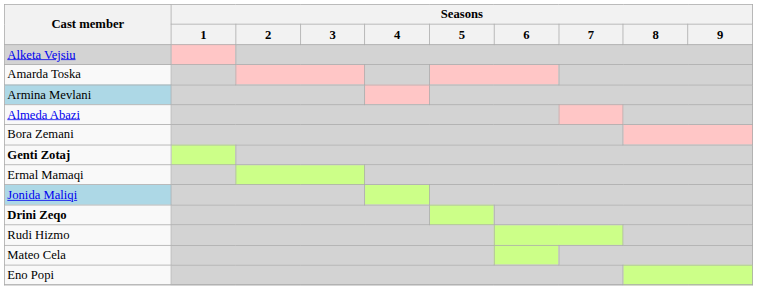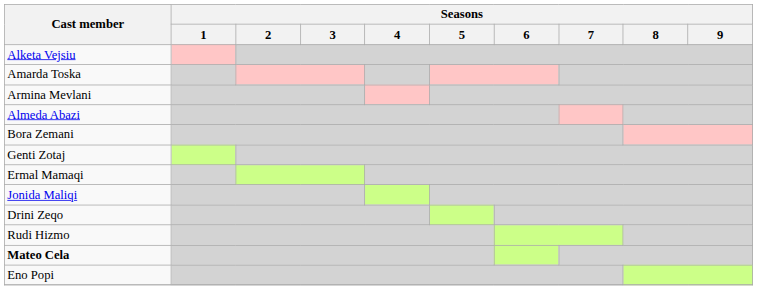 <table class="wikitable" width="75% font-size:100%">
 <tr>
 <th rowspan="2" width="115">Cast member</th>
 <th colspan="9" style="text-align:center">Seasons</th>
 </tr>
 <tr>
 <th width="40">1</th>
 <th width="40">2</th>
 <th width="40">3</th>
 <th width="40">4</th>
 <th width="40">5</th>
 <th width="40">6</th>
 <th width="40">7</th>
 <th width="40">8</th>
 <th width="40">9</th>
 </tr>
 <tr>
-<td style="background: lightgrey;"><a href='#'>Alketa Vejsiu</a></td>
+<td><a href='#'>Alketa Vejsiu</a></td>
 <td style="background:#ffc6c6"></td>
 <td colspan="8" style="background:lightgrey"></td>
 </tr>
 <tr>
 <td>Amarda Toska</td>
 <td style="background:lightgrey"></td>
 <td colspan="2" style="background:#ffc6c6"></td>
 <td style="background:lightgrey"></td>
 <td colspan="2" style="background:#ffc6c6"></td>
 <td colspan="3" style="background:lightgrey"></td>
 </tr>
 <tr>
-<td style="background: lightblue;">Armina Mevlani</td>
+<td>Armina Mevlani</td>
 <td colspan="3" style="background:lightgrey"></td>
 <td style="background:#ffc6c6"></td>
 <td colspan="5" style="background:lightgrey"></td>
 </tr>
 <tr>
 <td><a href='#'>Almeda Abazi</a></td>
 <td colspan="6" style="background:lightgrey"></td>
 <td style="background:#ffc6c6"></td>
 <td colspan="2" style="background:lightgrey"></td>
 </tr>
 <tr>
 <td>Bora Zemani</td>
 <td colspan="7" style="background:lightgrey"></td>
 <td colspan="2" style="background:#ffc6c6"></td>
 </tr>
 <tr>
-<td><strong>Genti Zotaj</strong></td>
+<td>Genti Zotaj</td>
 <td style="background:#ccff88"></td>
 <td colspan="8" style="background:lightgrey"></td>
 </tr>
 <tr>
 <td>Ermal Mamaqi</td>
 <td style="background:lightgrey"></td>
 <td colspan="2" style="background:#ccff88"></td>
 <td colspan="6" style="background:lightgrey"></td>
 </tr>
 <tr>
-<td style="background: lightblue;"><a href='#'>Jonida Maliqi</a></td>
+<td><a href='#'>Jonida Maliqi</a></td>
 <td colspan="3" style="background:lightgrey"></td>
 <td style="background:#ccff88"></td>
 <td colspan="5" style="background:lightgrey"></td>
 </tr>
 <tr>
-<td><strong>Drini Zeqo</strong></td>
+<td>Drini Zeqo</td>
 <td colspan="4" style="background:lightgrey"></td>
 <td style="background:#ccff88"></td>
 <td colspan="4" style="background:lightgrey"></td>
 </tr>
 <tr>
 <td>Rudi Hizmo</td>
 <td colspan="5" style="background:lightgrey"></td>
 <td colspan="2" style="background:#ccff88"></td>
 <td colspan="2" style="background:lightgrey"></td>
 </tr>
 <tr>
-<td>Mateo Cela</td>
+<td><strong>Mateo Cela</strong></td>
 <td colspan="5" style="background:lightgrey"></td>
 <td style="background:#ccff88"></td>
 <td colspan="3" style="background:lightgrey"></td>
 </tr>
 <tr>
 <td>Eno Popi</td>
 <td colspan="7" style="background:lightgrey"></td>
 <td colspan="2" style="background:#ccff88"></td>
 </tr>
 <tr>
 </tr>
 </table>
